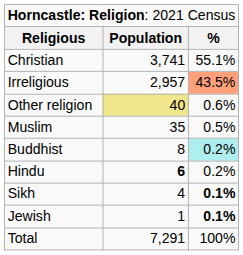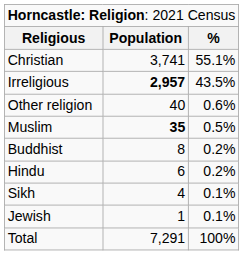 <table class="wikitable">
 <tr>
 <td colspan="14" style="text-align:right;"><strong>Horncastle: Religion</strong>: 2021 Census</td>
 </tr>
 <tr>
 <th>Religious</th>
 <th>Population</th>
 <th>%</th>
 </tr>
 <tr>
 <td>Christian</td>
 <td style="text-align:right;">3,741</td>
 <td style="text-align:right;">55.1%</td>
 </tr>
 <tr>
 <td>Irreligious</td>
-<td style="text-align:right;">2,957</td>
-<td style="background: lightsalmon; text-align:right;">43.5%</td>
+<td style="text-align:right;"><strong>2,957</strong></td>
+<td style="text-align:right;">43.5%</td>
 </tr>
 <tr>
 <td>Other religion</td>
-<td style="background: khaki; text-align:right;">40</td>
+<td style="text-align:right;">40</td>
 <td style="text-align:right;">0.6%</td>
 </tr>
 <tr>
 <td>Muslim</td>
-<td style="text-align:right;">35</td>
+<td style="text-align:right;"><strong>35</strong></td>
 <td style="text-align:right;">0.5%</td>
 </tr>
 <tr>
 <td>Buddhist</td>
 <td style="text-align:right;">8</td>
-<td style="background: paleturquoise; text-align:right;">0.2%</td>
+<td style="text-align:right;">0.2%</td>
 </tr>
 <tr>
 <td>Hindu</td>
-<td style="text-align:right;"><strong>6</strong></td>
+<td style="text-align:right;">6</td>
 <td style="text-align:right;">0.2%</td>
 </tr>
 <tr>
 <td>Sikh</td>
 <td style="text-align:right;">4</td>
-<td style="text-align:right;"><strong>0.1%</strong></td>
+<td style="text-align:right;">0.1%</td>
 </tr>
 <tr>
 <td>Jewish</td>
 <td style="text-align:right;">1</td>
-<td style="text-align:right;"><strong>0.1%</strong></td>
+<td style="text-align:right;">0.1%</td>
 </tr>
 <tr>
 <td>Total</td>
 <td style="text-align:right;">7,291</td>
 <td style="text-align:right;">100%</td>
 </tr>
 </table>
